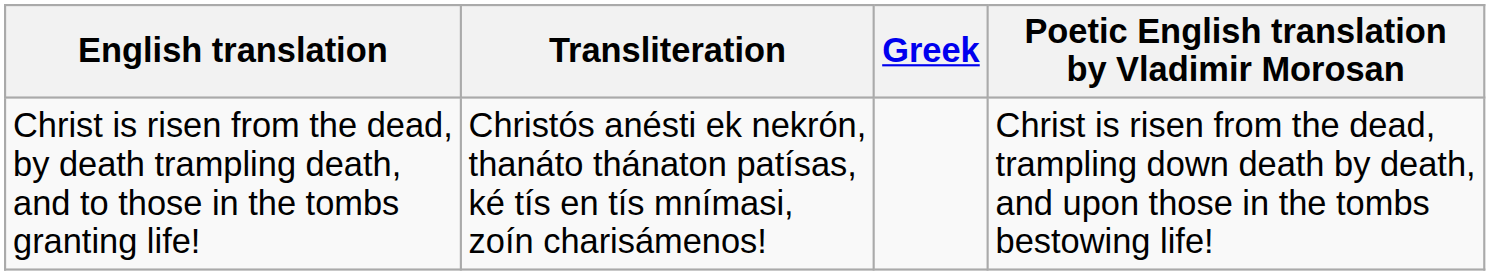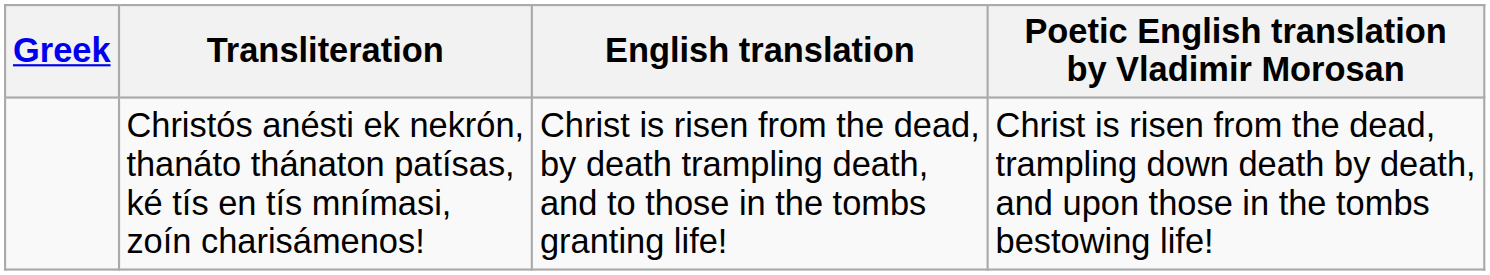 <table class="wikitable">
 <tr>
+<th><a href='#'>Greek</a></th>
+<th>Transliteration</th>
 <th>English translation</th>
-<th>Transliteration</th>
-<th><a href='#'>Greek</a></th>
 <th>Poetic English translation<br>by Vladimir Morosan</th>
 </tr>
 <tr>
+<td><div><br></div></td>
+<td>Christós anésti ek nekrón,<br>thanáto thánaton patísas,<br>ké tís en tís mnímasi,<br>zoín charisámenos!</td>
 <td><div>Christ is risen from the dead,<br>by death trampling death,<br>and to those in the tombs<br>granting life!</div></td>
-<td>Christós anésti ek nekrón,<br>thanáto thánaton patísas,<br>ké tís en tís mnímasi,<br>zoín charisámenos!</td>
-<td><div><br></div></td>
 <td><div>Christ is risen from the dead,<br>trampling down death by death,<br>and upon those in the tombs<br>bestowing life!</div></td>
 </tr>
 </table>
